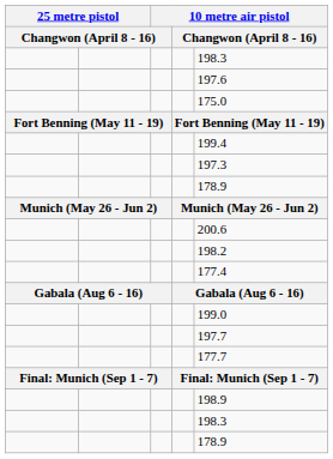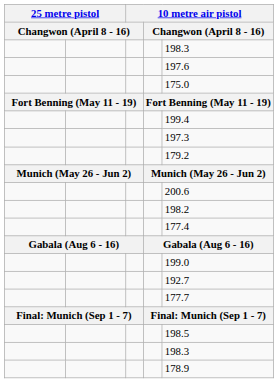 <table class="wikitable" style="font-size: 95%">
 <tr>
 <th colspan=2><a href='#'>25 metre pistol</a></th>
 <th colspan=3><a href='#'>10 metre air pistol</a></th>
 </tr>
 <tr>
 <th colspan=3>Changwon (April 8 - 16)</th>
 <th colspan=3>Changwon (April 8 - 16)</th>
 </tr>
 <tr>
 <td></td>
 <td></td>
 <td></td>
 <td></td>
 <td>198.3</td>
 </tr>
 <tr>
 <td></td>
 <td></td>
 <td></td>
 <td></td>
 <td>197.6</td>
 </tr>
 <tr>
 <td></td>
 <td></td>
 <td></td>
 <td></td>
 <td>175.0</td>
 </tr>
 <tr>
 <th colspan=3>Fort Benning (May 11 - 19)</th>
 <th colspan=3>Fort Benning (May 11 - 19)</th>
 </tr>
 <tr>
 <td></td>
 <td></td>
 <td></td>
 <td></td>
 <td>199.4</td>
 </tr>
 <tr>
 <td></td>
 <td></td>
 <td></td>
 <td></td>
 <td>197.3</td>
 </tr>
 <tr>
 <td></td>
 <td></td>
 <td></td>
 <td></td>
-<td>178.9</td>
+<td>179.2</td>
 </tr>
 <tr>
 <th colspan=3>Munich (May 26 - Jun 2)</th>
 <th colspan=3>Munich (May 26 - Jun 2)</th>
 </tr>
 <tr>
 <td></td>
 <td></td>
 <td></td>
 <td></td>
 <td>200.6</td>
 </tr>
 <tr>
 <td></td>
 <td></td>
 <td></td>
 <td></td>
 <td>198.2</td>
 </tr>
 <tr>
 <td></td>
 <td></td>
 <td></td>
 <td></td>
 <td>177.4</td>
 </tr>
 <tr>
 <th colspan=3>Gabala (Aug 6 - 16)</th>
 <th colspan=3>Gabala (Aug 6 - 16)</th>
 </tr>
 <tr>
 <td></td>
 <td></td>
 <td></td>
 <td></td>
 <td>199.0</td>
 </tr>
 <tr>
 <td></td>
 <td></td>
 <td></td>
 <td></td>
-<td>197.7</td>
+<td>192.7</td>
 </tr>
 <tr>
 <td></td>
 <td></td>
 <td></td>
 <td></td>
 <td>177.7</td>
 </tr>
 <tr>
 <th colspan=3>Final: Munich (Sep 1 - 7)</th>
 <th colspan=3>Final: Munich (Sep 1 - 7)</th>
 </tr>
 <tr>
 <td></td>
 <td></td>
 <td></td>
 <td></td>
-<td>198.9</td>
+<td>198.5</td>
 </tr>
 <tr>
 <td></td>
 <td></td>
 <td></td>
 <td></td>
 <td>198.3</td>
 </tr>
 <tr>
 <td></td>
 <td></td>
 <td></td>
 <td></td>
 <td>178.9</td>
 </tr>
 </table>
